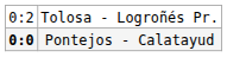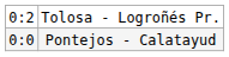 <table class="wikitable">
 <tr align=center bgcolor=white>
 <td>0:2</td>
 <td>Tolosa - Logroñés Pr.</td>
 </tr>
 <tr align=center bgcolor=#F5F5F5>
-<td><strong>0:0</strong></td>
+<td>0:0</td>
 <td>Pontejos - Calatayud</td>
 </tr>
 </table>
